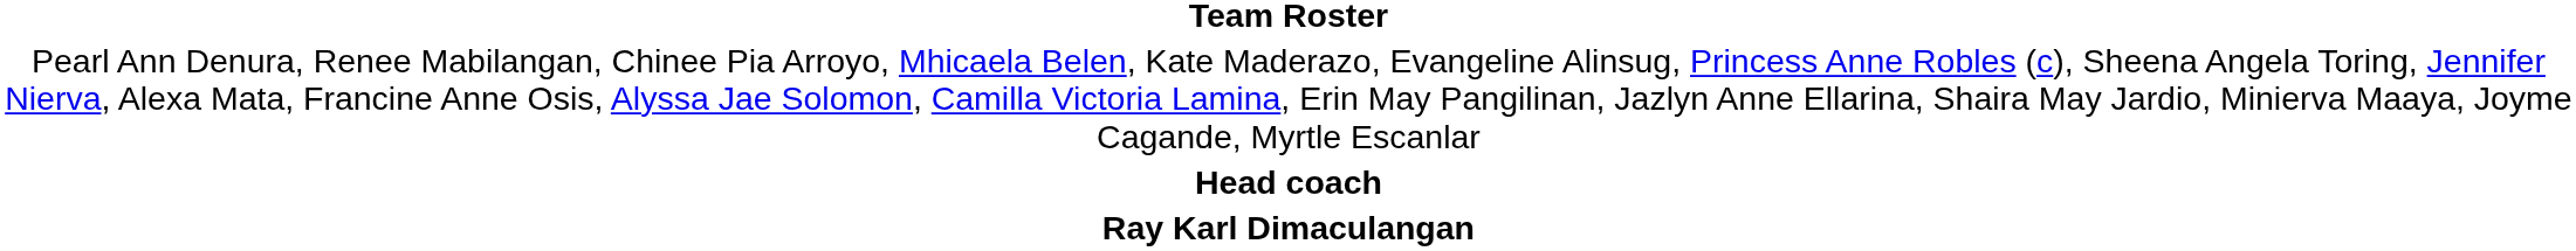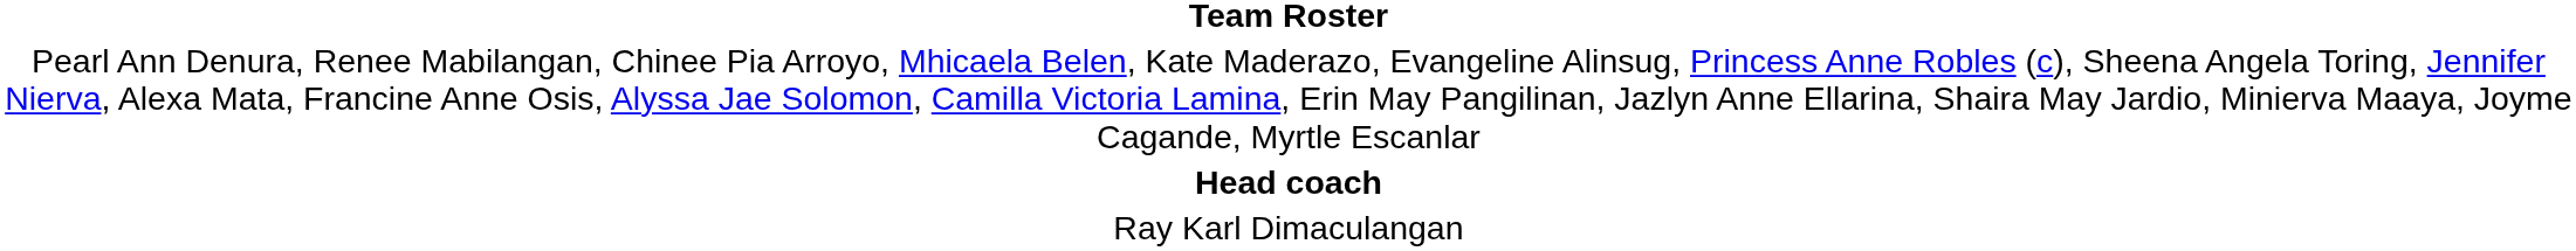 <table style="text-align:center; margin-top:2em; margin-left:auto; margin-right:auto">
 <tr>
 <td><strong>Team Roster</strong></td>
 </tr>
 <tr>
 <td>Pearl Ann Denura, Renee Mabilangan, Chinee Pia Arroyo, <a href='#'>Mhicaela Belen</a>, Kate Maderazo, Evangeline Alinsug, <a href='#'>Princess Anne Robles</a> (<a href='#'>c</a>), Sheena Angela Toring, <a href='#'>Jennifer Nierva</a>, Alexa Mata, Francine Anne Osis, <a href='#'>Alyssa Jae Solomon</a>, <a href='#'>Camilla Victoria Lamina</a>, Erin May Pangilinan, Jazlyn Anne Ellarina, Shaira May Jardio, Minierva Maaya, Joyme Cagande, Myrtle Escanlar</td>
 </tr>
 <tr>
 <td><strong>Head coach</strong></td>
 </tr>
 <tr>
-<td><strong>Ray Karl Dimaculangan</strong></td>
+<td>Ray Karl Dimaculangan</td>
 </tr>
 </table>
